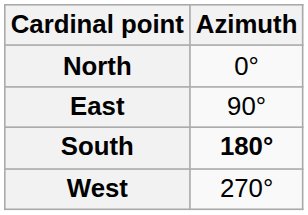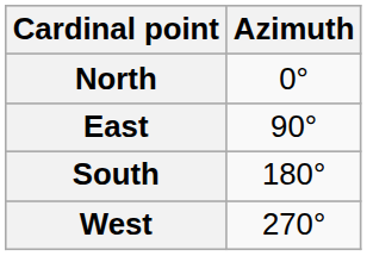 <table class="wikitable" style="text-align:center">
 <tr>
 <th scope="col">Cardinal point</th>
 <th scope="col">Azimuth</th>
 </tr>
 <tr>
 <th scope="row">North</th>
 <td>0°</td>
 </tr>
 <tr>
 <th scope="row">East</th>
 <td>90°</td>
 </tr>
 <tr>
 <th scope="row">South</th>
-<td><strong>180°</strong></td>
+<td>180°</td>
 </tr>
 <tr>
 <th scope="row">West</th>
 <td>270°</td>
 </tr>
 </table>
